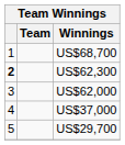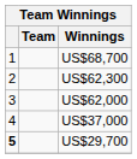 <table class="wikitable">
 <tr>
 <th colspan="3">Team Winnings</th>
 </tr>
 <tr>
 <th></th>
 <th>Team</th>
 <th>Winnings</th>
 </tr>
 <tr>
 <td>1</td>
 <td><br></td>
 <td>US$68,700</td>
 </tr>
 <tr>
-<td><strong>2</strong></td>
+<td>2</td>
 <td><br></td>
 <td>US$62,300</td>
 </tr>
 <tr>
 <td>3</td>
 <td><br></td>
 <td>US$62,000</td>
 </tr>
 <tr>
 <td>4</td>
 <td><br></td>
 <td>US$37,000</td>
 </tr>
 <tr>
-<td>5</td>
+<td><strong>5</strong></td>
 <td><br></td>
 <td>US$29,700</td>
 </tr>
 <tr>
 </tr>
 </table>
